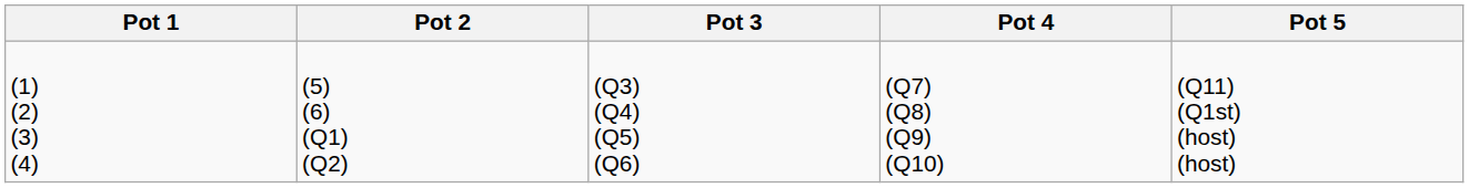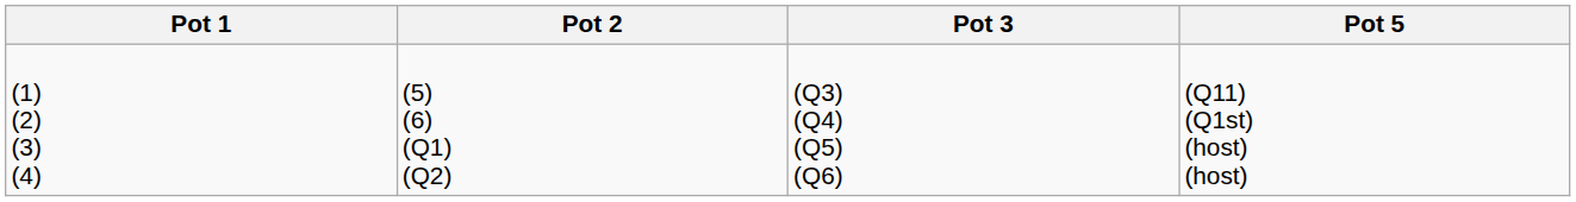 <table class="wikitable" style="width:80%;">
 <tr>
 <th width=15%><strong>Pot 1</strong></th>
 <th width=15%><strong>Pot 2</strong></th>
 <th width=15%><strong>Pot 3</strong></th>
-<th width=15%><strong>Pot 4</strong></th>
 <th width=15%><strong>Pot 5</strong></th>
 </tr>
 <tr>
 <td><br> (1)<br>  (2)<br>  (3)<br>  (4)</td>
 <td><br> (5)<br>  (6)<br>  (Q1)<br>  (Q2)</td>
 <td><br> (Q3)<br>  (Q4)<br>  (Q5)<br>  (Q6)</td>
-<td><br> (Q7)<br>  (Q8)<br>  (Q9)<br>  (Q10)</td>
 <td><br> (Q11)<br>  (Q1st)<br>  (host)<br>  (host)</td>
 </tr>
 </table>
